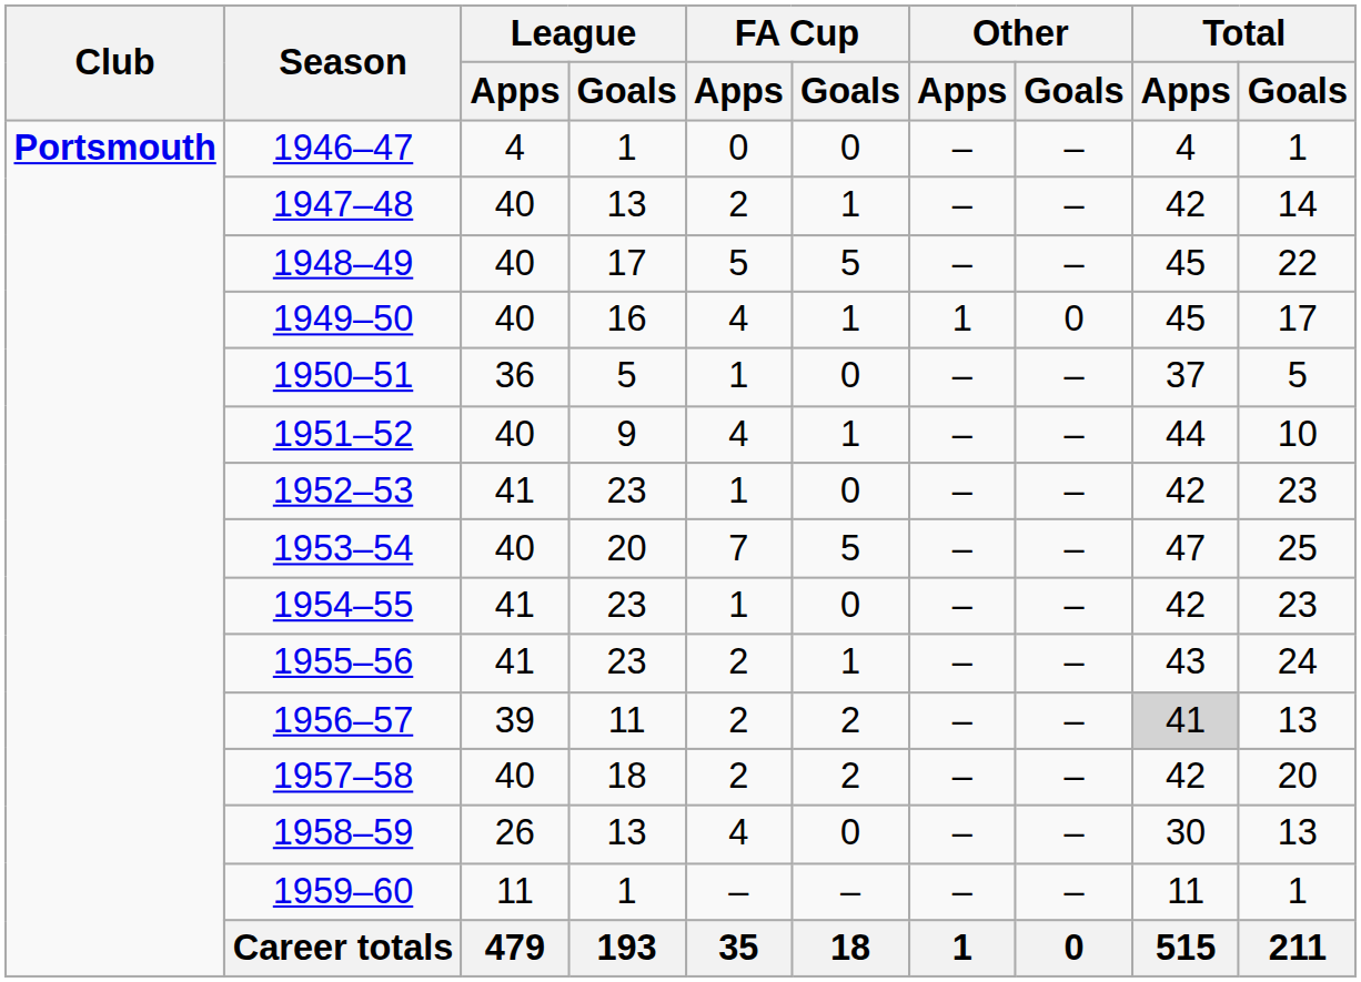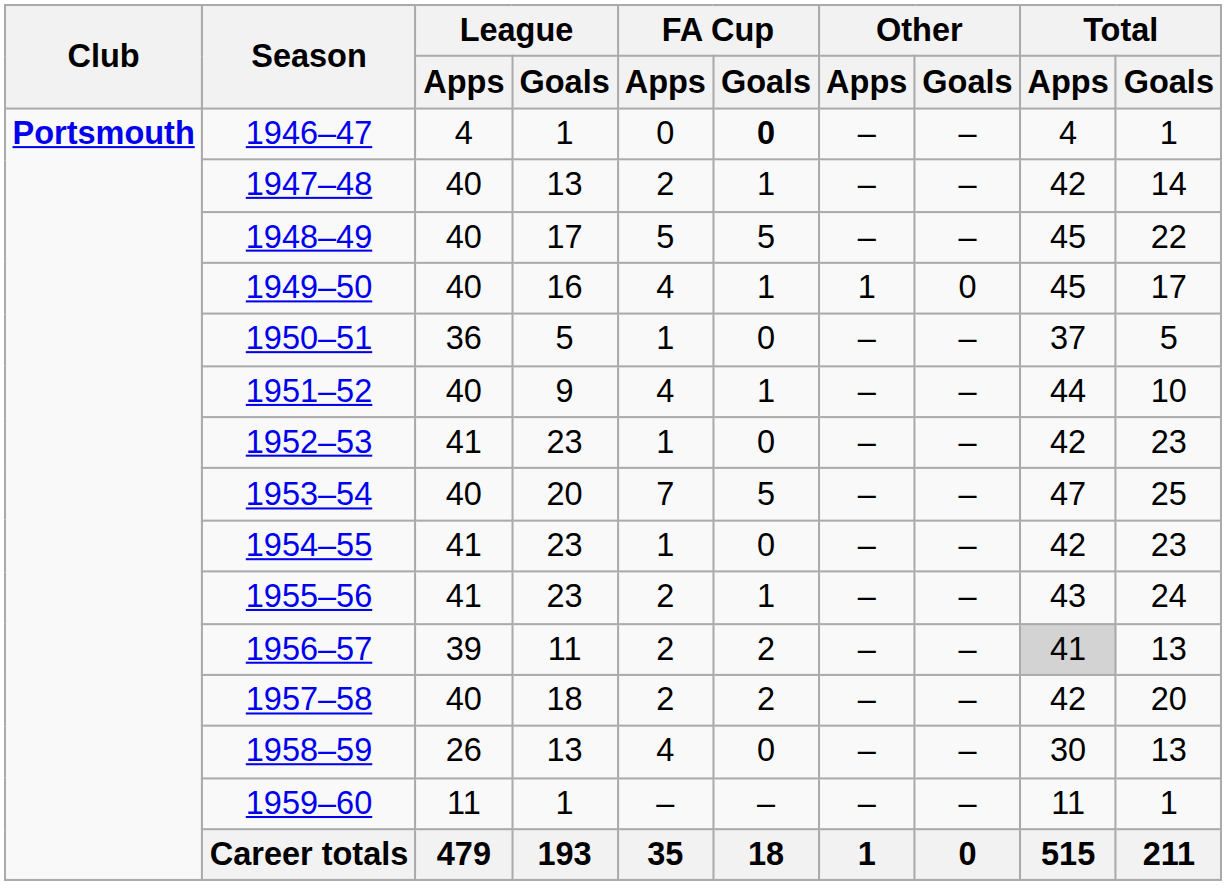 <table class="wikitable" style="text-align: center;">
 <tr>
 <th rowspan="2">Club</th>
 <th rowspan="2">Season</th>
 <th colspan="2">League</th>
 <th colspan="2">FA Cup</th>
 <th colspan="2">Other</th>
 <th colspan="2">Total</th>
 </tr>
 <tr>
 <th>Apps</th>
 <th>Goals</th>
 <th>Apps</th>
 <th>Goals</th>
 <th>Apps</th>
 <th>Goals</th>
 <th>Apps</th>
 <th>Goals</th>
 </tr>
 <tr>
 <td rowspan="15" valign="top"><strong><a href='#'>Portsmouth</a></strong></td>
 <td><a href='#'>1946–47</a></td>
 <td>4</td>
 <td>1</td>
 <td>0</td>
-<td>0</td>
+<td><strong>0</strong></td>
 <td>–</td>
 <td>–</td>
 <td>4</td>
 <td>1</td>
 </tr>
 <tr>
 <td><a href='#'>1947–48</a></td>
 <td>40</td>
 <td>13</td>
 <td>2</td>
 <td>1</td>
 <td>–</td>
 <td>–</td>
 <td>42</td>
 <td>14</td>
 </tr>
 <tr>
 <td><a href='#'>1948–49</a></td>
 <td>40</td>
 <td>17</td>
 <td>5</td>
 <td>5</td>
 <td>–</td>
 <td>–</td>
 <td>45</td>
 <td>22</td>
 </tr>
 <tr>
 <td><a href='#'>1949–50</a></td>
 <td>40</td>
 <td>16</td>
 <td>4</td>
 <td>1</td>
 <td>1</td>
 <td>0</td>
 <td>45</td>
 <td>17</td>
 </tr>
 <tr>
 <td><a href='#'>1950–51</a></td>
 <td>36</td>
 <td>5</td>
 <td>1</td>
 <td>0</td>
 <td>–</td>
 <td>–</td>
 <td>37</td>
 <td>5</td>
 </tr>
 <tr>
 <td><a href='#'>1951–52</a></td>
 <td>40</td>
 <td>9</td>
 <td>4</td>
 <td>1</td>
 <td>–</td>
 <td>–</td>
 <td>44</td>
 <td>10</td>
 </tr>
 <tr>
 <td><a href='#'>1952–53</a></td>
 <td>41</td>
 <td>23</td>
 <td>1</td>
 <td>0</td>
 <td>–</td>
 <td>–</td>
 <td>42</td>
 <td>23</td>
 </tr>
 <tr>
 <td><a href='#'>1953–54</a></td>
 <td>40</td>
 <td>20</td>
 <td>7</td>
 <td>5</td>
 <td>–</td>
 <td>–</td>
 <td>47</td>
 <td>25</td>
 </tr>
 <tr>
 <td><a href='#'>1954–55</a></td>
 <td>41</td>
 <td>23</td>
 <td>1</td>
 <td>0</td>
 <td>–</td>
 <td>–</td>
 <td>42</td>
 <td>23</td>
 </tr>
 <tr>
 <td><a href='#'>1955–56</a></td>
 <td>41</td>
 <td>23</td>
 <td>2</td>
 <td>1</td>
 <td>–</td>
 <td>–</td>
 <td>43</td>
 <td>24</td>
 </tr>
 <tr>
 <td><a href='#'>1956–57</a></td>
 <td>39</td>
 <td>11</td>
 <td>2</td>
 <td>2</td>
 <td>–</td>
 <td>–</td>
 <td style="background: lightgrey;">41</td>
 <td>13</td>
 </tr>
 <tr>
 <td><a href='#'>1957–58</a></td>
 <td>40</td>
 <td>18</td>
 <td>2</td>
 <td>2</td>
 <td>–</td>
 <td>–</td>
 <td>42</td>
 <td>20</td>
 </tr>
 <tr>
 <td><a href='#'>1958–59</a></td>
 <td>26</td>
 <td>13</td>
 <td>4</td>
 <td>0</td>
 <td>–</td>
 <td>–</td>
 <td>30</td>
 <td>13</td>
 </tr>
 <tr>
 <td><a href='#'>1959–60</a></td>
 <td>11</td>
 <td>1</td>
 <td>–</td>
 <td>–</td>
 <td>–</td>
 <td>–</td>
 <td>11</td>
 <td>1</td>
 </tr>
 <tr>
 <th colspan="1">Career totals</th>
 <th>479</th>
 <th>193</th>
 <th>35</th>
 <th>18</th>
 <th>1</th>
 <th>0</th>
 <th>515</th>
 <th>211</th>
 </tr>
 </table>
